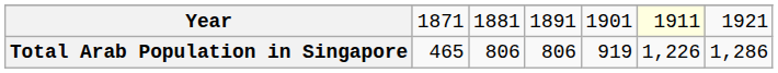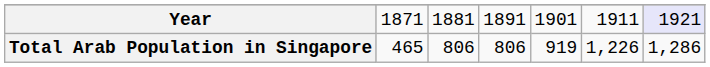 <table class="wikitable">
 <tr ->
 </tr>
 <tr ->
 <th>Year</th>
 <td align=right>1871</td>
 <td align=right>1881</td>
 <td align=right>1891</td>
 <td align=right>1901</td>
-<td align=right style="background: lightyellow;">1911</td>
-<td align=right>1921</td>
+<td align=right>1911</td>
+<td align=right style="background: lavender;">1921</td>
 </tr>
 <tr ->
 <th>Total Arab Population in Singapore</th>
 <td align=right>465</td>
 <td align=right>806</td>
 <td align=right>806</td>
 <td align=right>919</td>
 <td align=right>1,226</td>
 <td align=right>1,286</td>
 </tr>
 </table>
